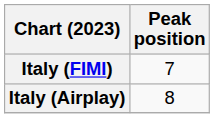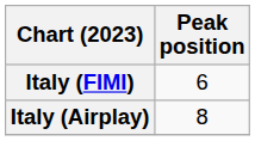 <table class="wikitable sortable plainrowheaders" style="text-align:center">
 <tr>
 <th scope="col">Chart (2023)</th>
 <th scope="col">Peak<br>position</th>
 </tr>
 <tr>
 <th scope="row">Italy (<a href='#'>FIMI</a>)</th>
-<td>7</td>
+<td>6</td>
 </tr>
 <tr>
 <th scope="row">Italy (Airplay)</th>
 <td>8</td>
 </tr>
 <tr>
 </tr>
 </table>
